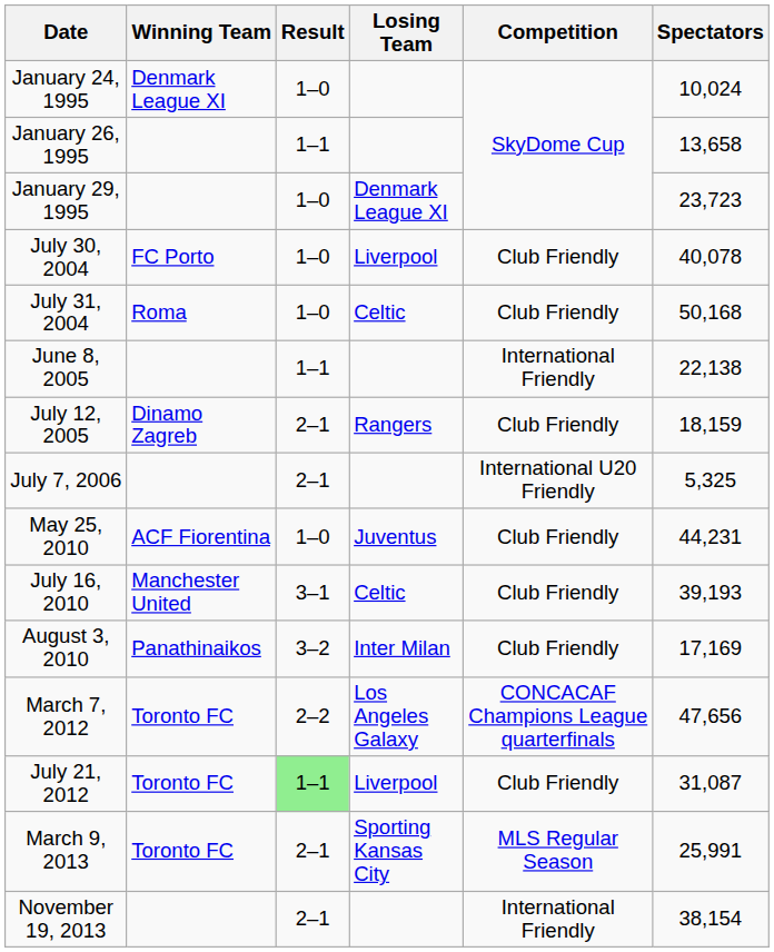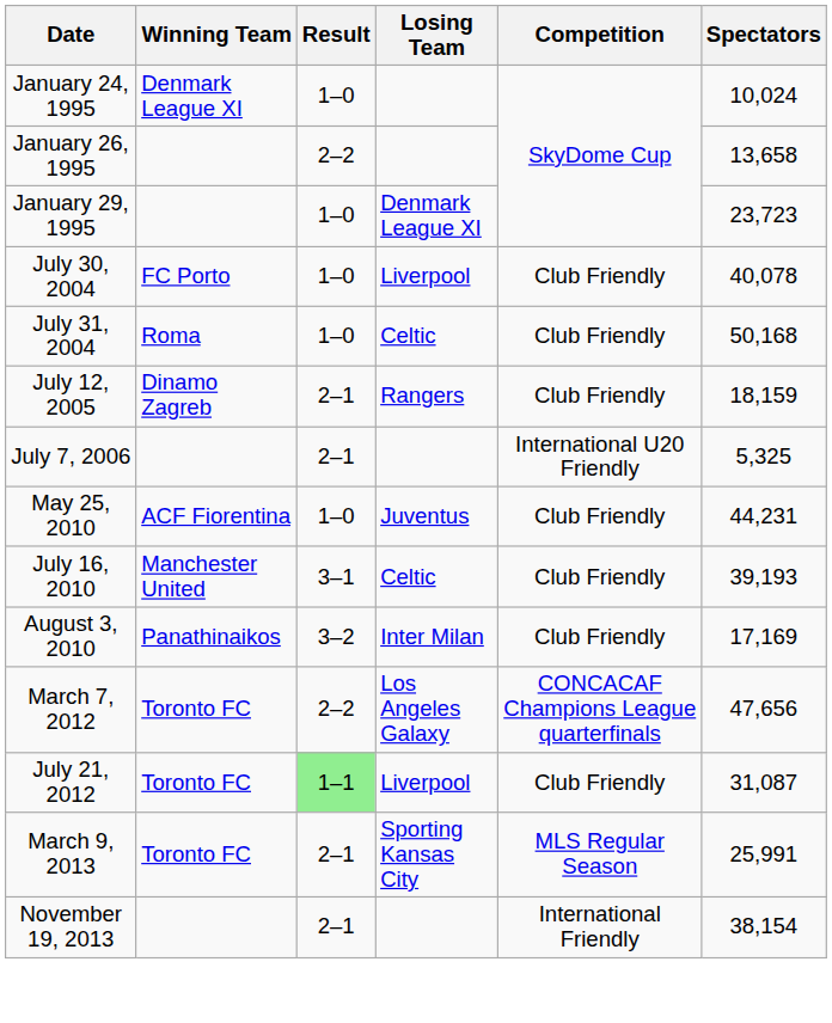 <table class="wikitable sortable" style="text-align:left; width:95%;" style="text-align:center">
 <tr>
 <th style="text-align:center; ">Date</th>
 <th style="text-align:center; ">Winning Team</th>
 <th style="text-align:center; ">Result</th>
 <th style="text-align:center; ">Losing Team</th>
 <th style="text-align:center; ">Competition</th>
 <th style="text-align:center; ">Spectators</th>
 </tr>
 <tr>
 <td style="text-align:center;">January 24, 1995</td>
 <td> <a href='#'>Denmark League XI</a></td>
 <td style="text-align:center;">1–0</td>
 <td></td>
 <td style="text-align:center;" rowspan=3><a href='#'>SkyDome Cup</a></td>
 <td style="text-align:center;">10,024</td>
 </tr>
 <tr>
 <td style="text-align:center;">January 26, 1995</td>
 <td></td>
-<td style="text-align:center;">1–1</td>
+<td style="text-align:center;">2–2</td>
 <td></td>
 <td style="text-align:center;">13,658</td>
 </tr>
 <tr>
 <td style="text-align:center;">January 29, 1995</td>
 <td></td>
 <td style="text-align:center;">1–0</td>
 <td> <a href='#'>Denmark League XI</a></td>
 <td style="text-align:center;">23,723</td>
 </tr>
 <tr>
 <td style="text-align:center;">July 30, 2004</td>
 <td> <a href='#'>FC Porto</a></td>
 <td style="text-align:center;">1–0</td>
 <td> <a href='#'>Liverpool</a></td>
 <td style="text-align:center;">Club Friendly</td>
 <td style="text-align:center;">40,078</td>
 </tr>
 <tr>
 <td style="text-align:center;">July 31, 2004</td>
 <td> <a href='#'>Roma</a></td>
 <td style="text-align:center;">1–0</td>
 <td> <a href='#'>Celtic</a></td>
 <td style="text-align:center;">Club Friendly</td>
 <td style="text-align:center;">50,168</td>
-</tr>
-<tr>
-<td style="text-align:center;">June 8, 2005</td>
-<td></td>
-<td style="text-align:center;">1–1</td>
-<td></td>
-<td style="text-align:center;">International Friendly</td>
-<td style="text-align:center;">22,138</td>
 </tr>
 <tr>
 <td style="text-align:center;">July 12, 2005</td>
 <td> <a href='#'>Dinamo Zagreb</a></td>
 <td style="text-align:center;">2–1</td>
 <td> <a href='#'>Rangers</a></td>
 <td style="text-align:center;">Club Friendly</td>
 <td style="text-align:center;">18,159</td>
 </tr>
 <tr>
 <td style="text-align:center;">July 7, 2006</td>
 <td></td>
 <td style="text-align:center;">2–1</td>
 <td></td>
 <td style="text-align:center;">International U20 Friendly</td>
 <td style="text-align:center;">5,325</td>
 </tr>
 <tr>
 <td style="text-align:center;">May 25, 2010</td>
 <td> <a href='#'>ACF Fiorentina</a></td>
 <td style="text-align:center;">1–0</td>
 <td> <a href='#'>Juventus</a></td>
 <td style="text-align:center;">Club Friendly</td>
 <td style="text-align:center;">44,231</td>
 </tr>
 <tr>
 <td style="text-align:center;">July 16, 2010</td>
 <td> <a href='#'>Manchester United</a></td>
 <td style="text-align:center;">3–1</td>
 <td> <a href='#'>Celtic</a></td>
 <td style="text-align:center;">Club Friendly</td>
 <td style="text-align:center;">39,193</td>
 </tr>
 <tr>
 <td style="text-align:center;">August 3, 2010</td>
 <td> <a href='#'>Panathinaikos</a></td>
 <td style="text-align:center;">3–2</td>
 <td> <a href='#'>Inter Milan</a></td>
 <td style="text-align:center;">Club Friendly</td>
 <td style="text-align:center;">17,169</td>
 </tr>
 <tr>
 <td style="text-align:center;">March 7, 2012</td>
 <td> <a href='#'>Toronto FC</a></td>
 <td style="text-align:center;">2–2</td>
 <td> <a href='#'>Los Angeles Galaxy</a></td>
 <td style="text-align:center;"><a href='#'>CONCACAF Champions League quarterfinals</a></td>
 <td style="text-align:center;">47,656</td>
 </tr>
 <tr>
 <td style="text-align:center;">July 21, 2012</td>
 <td> <a href='#'>Toronto FC</a></td>
 <td style="background: lightgreen; text-align:center;">1–1</td>
 <td> <a href='#'>Liverpool</a></td>
 <td style="text-align:center;">Club Friendly</td>
 <td style="text-align:center;">31,087</td>
 </tr>
 <tr>
 <td style="text-align:center;">March 9, 2013</td>
 <td> <a href='#'>Toronto FC</a></td>
 <td style="text-align:center;">2–1</td>
 <td> <a href='#'>Sporting Kansas City</a></td>
 <td style="text-align:center;"><a href='#'>MLS Regular Season</a></td>
 <td style="text-align:center;">25,991</td>
 </tr>
 <tr>
 <td style="text-align:center;">November 19, 2013</td>
 <td></td>
 <td style="text-align:center;">2–1</td>
 <td></td>
 <td style="text-align:center;">International Friendly</td>
 <td style="text-align:center;">38,154</td>
 </tr>
 </table>
